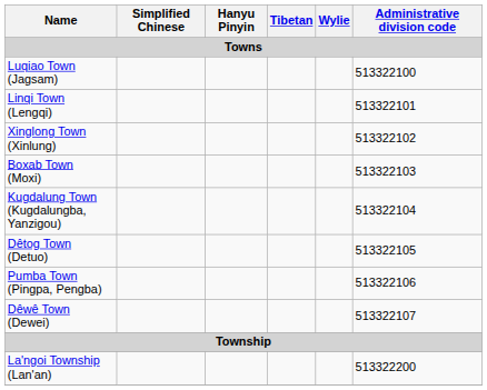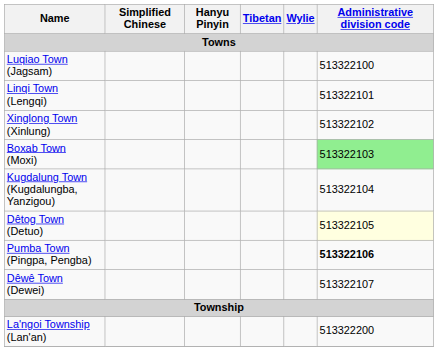 <table class="wikitable" align="center" style="width:50%; border="1">
 <tr>
 <th>Name</th>
 <th>Simplified Chinese</th>
 <th>Hanyu Pinyin</th>
 <th><a href='#'>Tibetan</a></th>
 <th><a href='#'>Wylie</a></th>
 <th><a href='#'>Administrative division code</a></th>
 </tr>
 <tr --------->
 <td colspan="7"  style="text-align:center; background:#d3d3d3;"><strong>Towns</strong></td>
 </tr>
 <tr --------->
 <td><a href='#'>Luqiao Town</a><br>(Jagsam)</td>
 <td></td>
 <td></td>
 <td></td>
 <td></td>
 <td>513322100</td>
 </tr>
 <tr>
 <td><a href='#'>Linqi Town</a><br>(Lengqi)</td>
 <td></td>
 <td></td>
 <td></td>
 <td></td>
 <td>513322101</td>
 </tr>
 <tr>
 <td><a href='#'>Xinglong Town</a><br>(Xinlung)</td>
 <td></td>
 <td></td>
 <td></td>
 <td></td>
 <td>513322102</td>
 </tr>
 <tr>
 <td><a href='#'>Boxab Town</a><br>(Moxi)</td>
 <td></td>
 <td></td>
 <td></td>
 <td></td>
-<td>513322103</td>
+<td style="background: lightgreen;">513322103</td>
 </tr>
 <tr>
 <td><a href='#'>Kugdalung Town</a><br>(Kugdalungba, Yanzigou)</td>
 <td></td>
 <td></td>
 <td></td>
 <td></td>
 <td>513322104</td>
 </tr>
 <tr>
 <td><a href='#'>Dêtog Town</a><br>(Detuo)</td>
 <td></td>
 <td></td>
 <td></td>
 <td></td>
-<td>513322105</td>
+<td style="background: lightyellow;">513322105</td>
 </tr>
 <tr>
 <td><a href='#'>Pumba Town</a><br>(Pingpa, Pengba)</td>
 <td></td>
 <td></td>
 <td></td>
 <td></td>
-<td>513322106</td>
+<td><strong>513322106</strong></td>
 </tr>
 <tr>
 <td><a href='#'>Dêwê Town</a><br>(Dewei)</td>
 <td></td>
 <td></td>
 <td></td>
 <td></td>
 <td>513322107</td>
 </tr>
 <tr --------->
 <td colspan="7"  style="text-align:center; background:#d3d3d3;"><strong>Township</strong></td>
 </tr>
 <tr --------->
 <td><a href='#'>La'ngoi Township</a><br>(Lan'an)</td>
 <td></td>
 <td></td>
 <td></td>
 <td></td>
 <td>513322200</td>
 </tr>
 <tr>
 </tr>
 </table>
